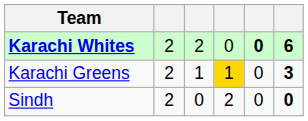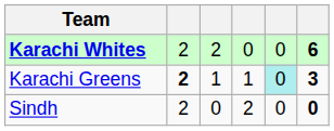 <table class="wikitable sortable" style="text-align:center";"font-size:95%">
 <tr>
 <th style="width:130px;">Team</th>
 <th style="width:20px;"></th>
 <th style="width:20px;"></th>
 <th style="width:20px;"></th>
 <th style="width:20px;"></th>
 <th style="width:20px;"></th>
 </tr>
 <tr bgcolor="#ccffcc">
 <td style="text-align:left"><strong><a href='#'>Karachi Whites</a></strong></td>
 <td>2</td>
 <td>2</td>
 <td>0</td>
-<td><strong>0</strong></td>
+<td>0</td>
 <td><strong>6</strong></td>
 </tr>
 <tr>
 <td style="text-align:left"><a href='#'>Karachi Greens</a></td>
-<td>2</td>
+<td><strong>2</strong></td>
 <td>1</td>
-<td style="background: gold;">1</td>
-<td>0</td>
+<td>1</td>
+<td style="background: paleturquoise;">0</td>
 <td><strong>3</strong></td>
 </tr>
 <tr>
 <td style="text-align:left"><a href='#'>Sindh</a></td>
 <td>2</td>
 <td>0</td>
 <td>2</td>
 <td>0</td>
 <td><strong>0</strong></td>
 </tr>
 </table>
